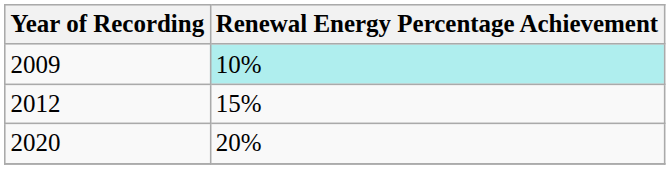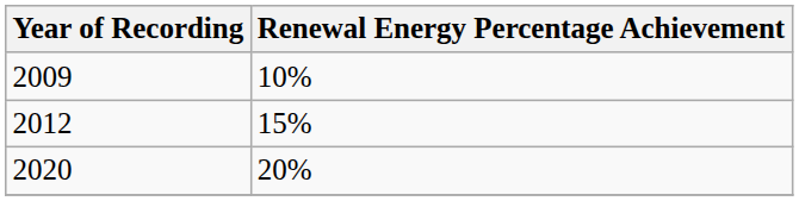 <table class=wikitable>
 <tr>
 <th>Year of Recording</th>
 <th>Renewal Energy Percentage Achievement</th>
 </tr>
 <tr>
 <td>2009</td>
-<td style="background: paleturquoise;">10%</td>
+<td>10%</td>
 </tr>
 <tr>
 <td>2012</td>
 <td>15%</td>
 </tr>
 <tr>
 <td>2020</td>
 <td>20% </td>
 </tr>
 <tr>
 </tr>
 </table>
